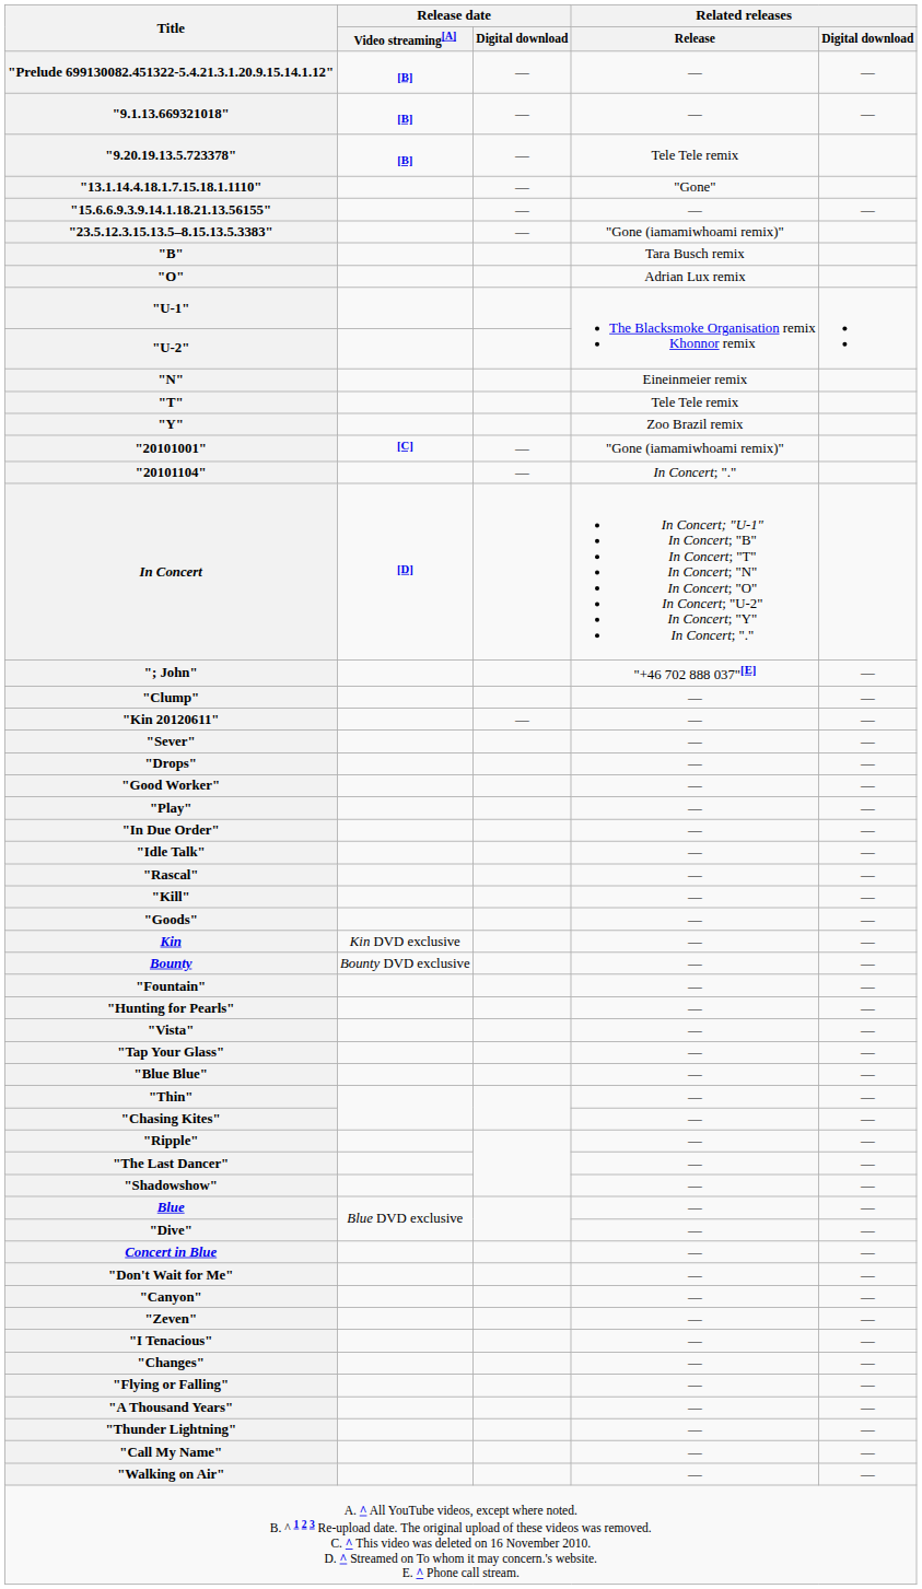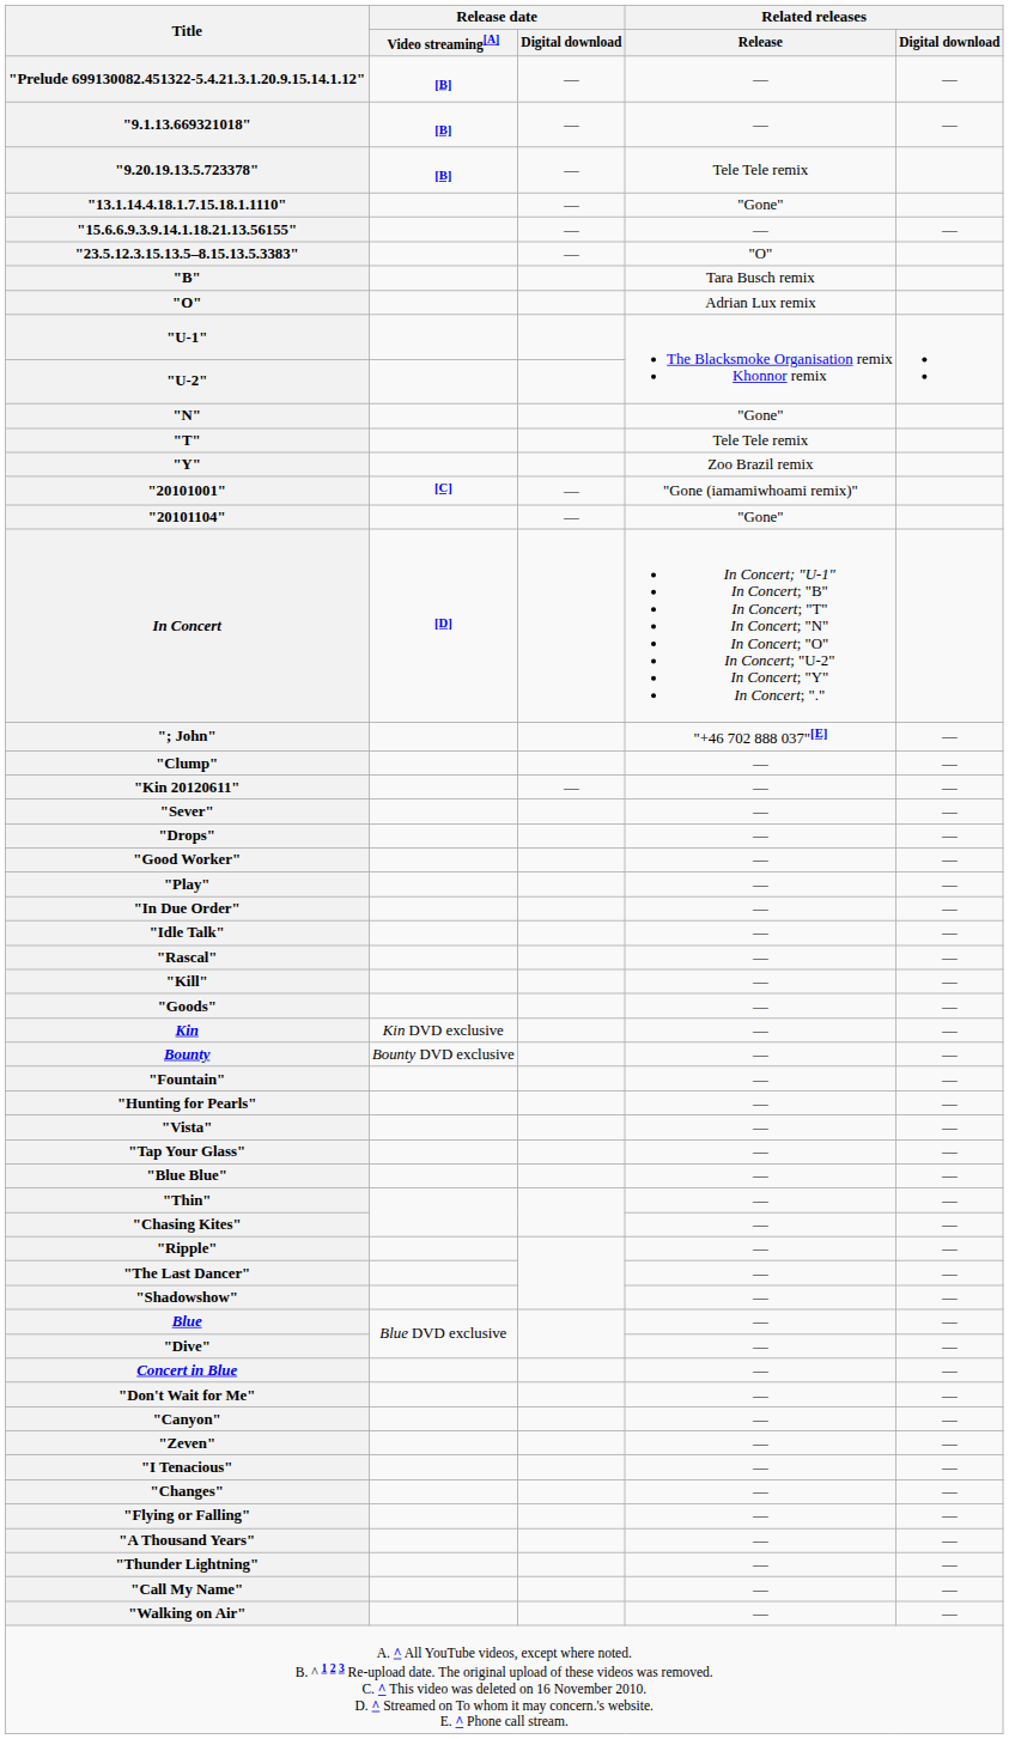 <table class="wikitable collapsible plainrowheaders" style="text-align:center;">
 <tr>
 <th scope="col" rowspan="2">Title</th>
 <th scope="col" colspan="2">Release date</th>
 <th scope="col" colspan="2">Related releases</th>
 </tr>
 <tr>
 <th scope="col" style="font-size:90%;">Video streaming<sup><span></span><a href='#'><strong>[A]</strong></a></sup></th>
 <th scope="col" style="font-size:90%;">Digital download</th>
 <th scope="col" style="font-size:90%;">Release</th>
 <th scope="col" style="font-size:90%;">Digital download</th>
 </tr>
 <tr>
 <th scope="row">"Prelude 699130082.451322-5.4.21.3.1.20.9.15.14.1.12"</th>
 <td><br><small></small><sup><a href='#'><strong>[B]</strong></a></sup></td>
 <td>—</td>
 <td>—</td>
 <td>—</td>
 </tr>
 <tr>
 <th scope="row">"9.1.13.669321018"</th>
 <td><br><small></small><sup><a href='#'><strong>[B]</strong></a></sup></td>
 <td>—</td>
 <td>—</td>
 <td>—</td>
 </tr>
 <tr>
 <th scope="row">"9.20.19.13.5.723378"</th>
 <td><br><small></small><sup><a href='#'><strong>[B]</strong></a></sup></td>
 <td>—</td>
 <td>Tele Tele remix</td>
 <td></td>
 </tr>
 <tr>
 <th scope="row">"13.1.14.4.18.1.7.15.18.1.1110"</th>
 <td></td>
 <td>—</td>
 <td>"Gone"</td>
 <td></td>
 </tr>
 <tr>
 <th scope="row">"15.6.6.9.3.9.14.1.18.21.13.56155"</th>
 <td></td>
 <td>—</td>
 <td>—</td>
 <td>—</td>
 </tr>
 <tr>
 <th scope="row">"23.5.12.3.15.13.5–8.15.13.5.3383"</th>
 <td></td>
 <td>—</td>
-<td>"Gone (iamamiwhoami remix)"</td>
+<td>"O"</td>
 <td></td>
 </tr>
 <tr>
 <th scope="row">"B"</th>
 <td></td>
 <td></td>
 <td>Tara Busch remix</td>
 <td></td>
 </tr>
 <tr>
 <th scope="row">"O"</th>
 <td></td>
 <td></td>
 <td>Adrian Lux remix</td>
 <td></td>
 </tr>
 <tr>
 <th scope="row">"U-1"</th>
 <td></td>
 <td></td>
 <td rowspan="2"><br><ul><li><a href='#'>The Blacksmoke Organisation</a> remix</li><li><a href='#'>Khonnor</a> remix</li></ul></td>
 <td rowspan="2"><br><ul><li></li><li></li></ul></td>
 </tr>
 <tr>
 <th scope="row">"U-2"</th>
 <td></td>
 <td></td>
 </tr>
 <tr>
 <th scope="row">"N"</th>
 <td></td>
 <td></td>
-<td>Eineinmeier remix</td>
+<td>"Gone"</td>
 <td></td>
 </tr>
 <tr>
 <th scope="row">"T"</th>
 <td></td>
 <td></td>
 <td>Tele Tele remix</td>
 <td></td>
 </tr>
 <tr>
 <th scope="row">"Y"</th>
 <td></td>
 <td></td>
 <td>Zoo Brazil remix</td>
 <td></td>
 </tr>
 <tr>
 <th scope="row">"20101001"</th>
 <td><sup><span></span><a href='#'><strong>[C]</strong></a></sup></td>
 <td>—</td>
 <td>"Gone (iamamiwhoami remix)"</td>
 <td></td>
 </tr>
 <tr>
 <th scope="row">"20101104"</th>
 <td></td>
 <td>—</td>
-<td><em>In Concert</em>; "."</td>
+<td>"Gone"</td>
 <td></td>
 </tr>
 <tr>
 <th scope="row"><em>In Concert</em></th>
 <td><sup><span></span><a href='#'><strong>[D]</strong></a></sup></td>
 <td></td>
 <td><br><ul><li><em>In Concert; "U-1"</em></li><li><em>In Concert</em>; "B"</li><li><em>In Concert</em>; "T"</li><li><em>In Concert</em>; "N"</li><li><em>In Concert</em>; "O"</li><li><em>In Concert</em>; "U-2"</li><li><em>In Concert</em>; "Y"</li><li><em>In Concert</em>; "."</li></ul></td>
 <td></td>
 </tr>
 <tr>
 <th scope="row">"; John"</th>
 <td></td>
 <td></td>
 <td>"+46 702 888 037"<sup><span></span><a href='#'><strong>[E]</strong></a></sup></td>
 <td>—</td>
 </tr>
 <tr>
 <th scope="row">"Clump"</th>
 <td></td>
 <td></td>
 <td>—</td>
 <td>—</td>
 </tr>
 <tr>
 <th scope="row">"Kin 20120611"</th>
 <td></td>
 <td>—</td>
 <td>—</td>
 <td>—</td>
 </tr>
 <tr>
 <th scope="row">"Sever"</th>
 <td></td>
 <td></td>
 <td>—</td>
 <td>—</td>
 </tr>
 <tr>
 <th scope="row">"Drops"</th>
 <td></td>
 <td></td>
 <td>—</td>
 <td>—</td>
 </tr>
 <tr>
 <th scope="row">"Good Worker"</th>
 <td></td>
 <td></td>
 <td>—</td>
 <td>—</td>
 </tr>
 <tr>
 <th scope="row">"Play"</th>
 <td></td>
 <td></td>
 <td>—</td>
 <td>—</td>
 </tr>
 <tr>
 <th scope="row">"In Due Order"</th>
 <td></td>
 <td></td>
 <td>—</td>
 <td>—</td>
 </tr>
 <tr>
 <th scope="row">"Idle Talk"</th>
 <td></td>
 <td></td>
 <td>—</td>
 <td>—</td>
 </tr>
 <tr>
 <th scope="row">"Rascal"</th>
 <td></td>
 <td></td>
 <td>—</td>
 <td>—</td>
 </tr>
 <tr>
 <th scope="row">"Kill"</th>
 <td></td>
 <td></td>
 <td>—</td>
 <td>—</td>
 </tr>
 <tr>
 <th scope="row">"Goods"</th>
 <td></td>
 <td></td>
 <td>—</td>
 <td>—</td>
 </tr>
 <tr>
 <th scope="row"><em><a href='#'>Kin</a></em></th>
 <td><em>Kin</em> DVD exclusive</td>
 <td></td>
 <td>—</td>
 <td>—</td>
 </tr>
 <tr>
 <th scope="row"><em><a href='#'>Bounty</a></em></th>
 <td><em>Bounty</em> DVD exclusive</td>
 <td></td>
 <td>—</td>
 <td>—</td>
 </tr>
 <tr>
 <th scope="row">"Fountain"</th>
 <td></td>
 <td></td>
 <td>—</td>
 <td>—</td>
 </tr>
 <tr>
 <th scope="row">"Hunting for Pearls"</th>
 <td></td>
 <td></td>
 <td>—</td>
 <td>—</td>
 </tr>
 <tr>
 <th scope="row">"Vista"</th>
 <td></td>
 <td></td>
 <td>—</td>
 <td>—</td>
 </tr>
 <tr>
 <th scope="row">"Tap Your Glass"</th>
 <td></td>
 <td></td>
 <td>—</td>
 <td>—</td>
 </tr>
 <tr>
 <th scope="row">"Blue Blue"</th>
 <td></td>
 <td></td>
 <td>—</td>
 <td>—</td>
 </tr>
 <tr>
 <th scope="row">"Thin"</th>
 <td rowspan="2"></td>
 <td rowspan="2"></td>
 <td>—</td>
 <td>—</td>
 </tr>
 <tr>
 <th scope="row">"Chasing Kites"</th>
 <td>—</td>
 <td>—</td>
 </tr>
 <tr>
 <th scope="row">"Ripple"</th>
 <td></td>
 <td rowspan="3"></td>
 <td>—</td>
 <td>—</td>
 </tr>
 <tr>
 <th scope="row">"The Last Dancer"</th>
 <td></td>
 <td>—</td>
 <td>—</td>
 </tr>
 <tr>
 <th scope="row">"Shadowshow"</th>
 <td></td>
 <td>—</td>
 <td>—</td>
 </tr>
 <tr>
 <th scope="row"><em><a href='#'>Blue</a></em></th>
 <td rowspan="2"><em>Blue</em> DVD exclusive</td>
 <td rowspan="2"></td>
 <td>—</td>
 <td>—</td>
 </tr>
 <tr>
 <th scope="row">"Dive"</th>
 <td>—</td>
 <td>—</td>
 </tr>
 <tr>
 <th scope="row"><em><a href='#'>Concert in Blue</a></em></th>
 <td></td>
 <td></td>
 <td>—</td>
 <td>—</td>
 </tr>
 <tr>
 <th scope="row">"Don't Wait for Me"</th>
 <td></td>
 <td></td>
 <td>—</td>
 <td>—</td>
 </tr>
 <tr>
 <th scope="row">"Canyon"</th>
 <td></td>
 <td></td>
 <td>—</td>
 <td>—</td>
 </tr>
 <tr>
 <th scope="row">"Zeven"</th>
 <td></td>
 <td></td>
 <td>—</td>
 <td>—</td>
 </tr>
 <tr>
 <th scope="row">"I Tenacious"</th>
 <td></td>
 <td></td>
 <td>—</td>
 <td>—</td>
 </tr>
 <tr>
 <th scope="row">"Changes"</th>
 <td></td>
 <td></td>
 <td>—</td>
 <td>—</td>
 </tr>
 <tr>
 <th scope="row">"Flying or Falling"</th>
 <td></td>
 <td></td>
 <td>—</td>
 <td>—</td>
 </tr>
 <tr>
 <th scope="row">"A Thousand Years"</th>
 <td></td>
 <td></td>
 <td>—</td>
 <td>—</td>
 </tr>
 <tr>
 <th scope="row">"Thunder Lightning"</th>
 <td></td>
 <td></td>
 <td>—</td>
 <td>—</td>
 </tr>
 <tr>
 <th scope="row">"Call My Name"</th>
 <td></td>
 <td></td>
 <td>—</td>
 <td>—</td>
 </tr>
 <tr>
 <th scope="row">"Walking on Air"</th>
 <td></td>
 <td></td>
 <td>—</td>
 <td>—</td>
 </tr>
 <tr>
 <td colspan="5" style="font-size:90%"><br>A. <strong><a href='#'>^</a></strong> All YouTube videos, except where noted.<br> B. ^ <sup><strong><a href='#'>1</a></strong> <strong><a href='#'>2</a></strong> <strong><a href='#'>3</a></strong></sup> Re-upload date. The original upload of these videos was removed.<br> C. <strong><a href='#'>^</a></strong> This video was deleted on 16 November 2010.<br> D. <strong><a href='#'>^</a></strong> Streamed on 	To whom it may concern.'s website.<br> E. <strong><a href='#'>^</a></strong> Phone call stream.</td>
 </tr>
 </table>
